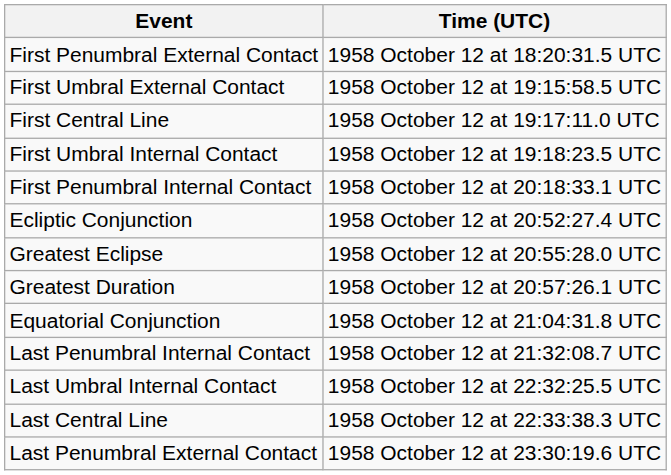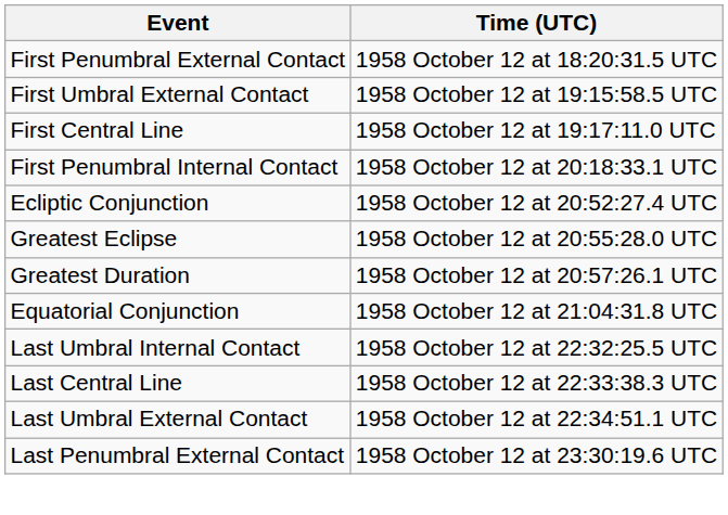 <table class="wikitable">
 <tr>
 <th>Event</th>
 <th>Time (UTC)</th>
 </tr>
 <tr>
 <td>First Penumbral External Contact</td>
 <td>1958 October 12 at 18:20:31.5 UTC</td>
 </tr>
 <tr>
 <td>First Umbral External Contact</td>
 <td>1958 October 12 at 19:15:58.5 UTC</td>
 </tr>
 <tr>
 <td>First Central Line</td>
 <td>1958 October 12 at 19:17:11.0 UTC</td>
-</tr>
-<tr>
-<td>First Umbral Internal Contact</td>
-<td>1958 October 12 at 19:18:23.5 UTC</td>
 </tr>
 <tr>
 <td>First Penumbral Internal Contact</td>
 <td>1958 October 12 at 20:18:33.1 UTC</td>
 </tr>
 <tr>
 <td>Ecliptic Conjunction</td>
 <td>1958 October 12 at 20:52:27.4 UTC</td>
 </tr>
 <tr>
 <td>Greatest Eclipse</td>
 <td>1958 October 12 at 20:55:28.0 UTC</td>
 </tr>
 <tr>
 <td>Greatest Duration</td>
 <td>1958 October 12 at 20:57:26.1 UTC</td>
 </tr>
 <tr>
 <td>Equatorial Conjunction</td>
 <td>1958 October 12 at 21:04:31.8 UTC</td>
 </tr>
 <tr>
-<td>Last Penumbral Internal Contact</td>
-<td>1958 October 12 at 21:32:08.7 UTC</td>
-</tr>
-<tr>
 <td>Last Umbral Internal Contact</td>
 <td>1958 October 12 at 22:32:25.5 UTC</td>
 </tr>
 <tr>
 <td>Last Central Line</td>
 <td>1958 October 12 at 22:33:38.3 UTC</td>
 </tr>
 <tr>
+<td>Last Umbral External Contact</td>
+<td>1958 October 12 at 22:34:51.1 UTC</td>
+</tr>
+<tr>
 <td>Last Penumbral External Contact</td>
 <td>1958 October 12 at 23:30:19.6 UTC</td>
 </tr>
 </table>
